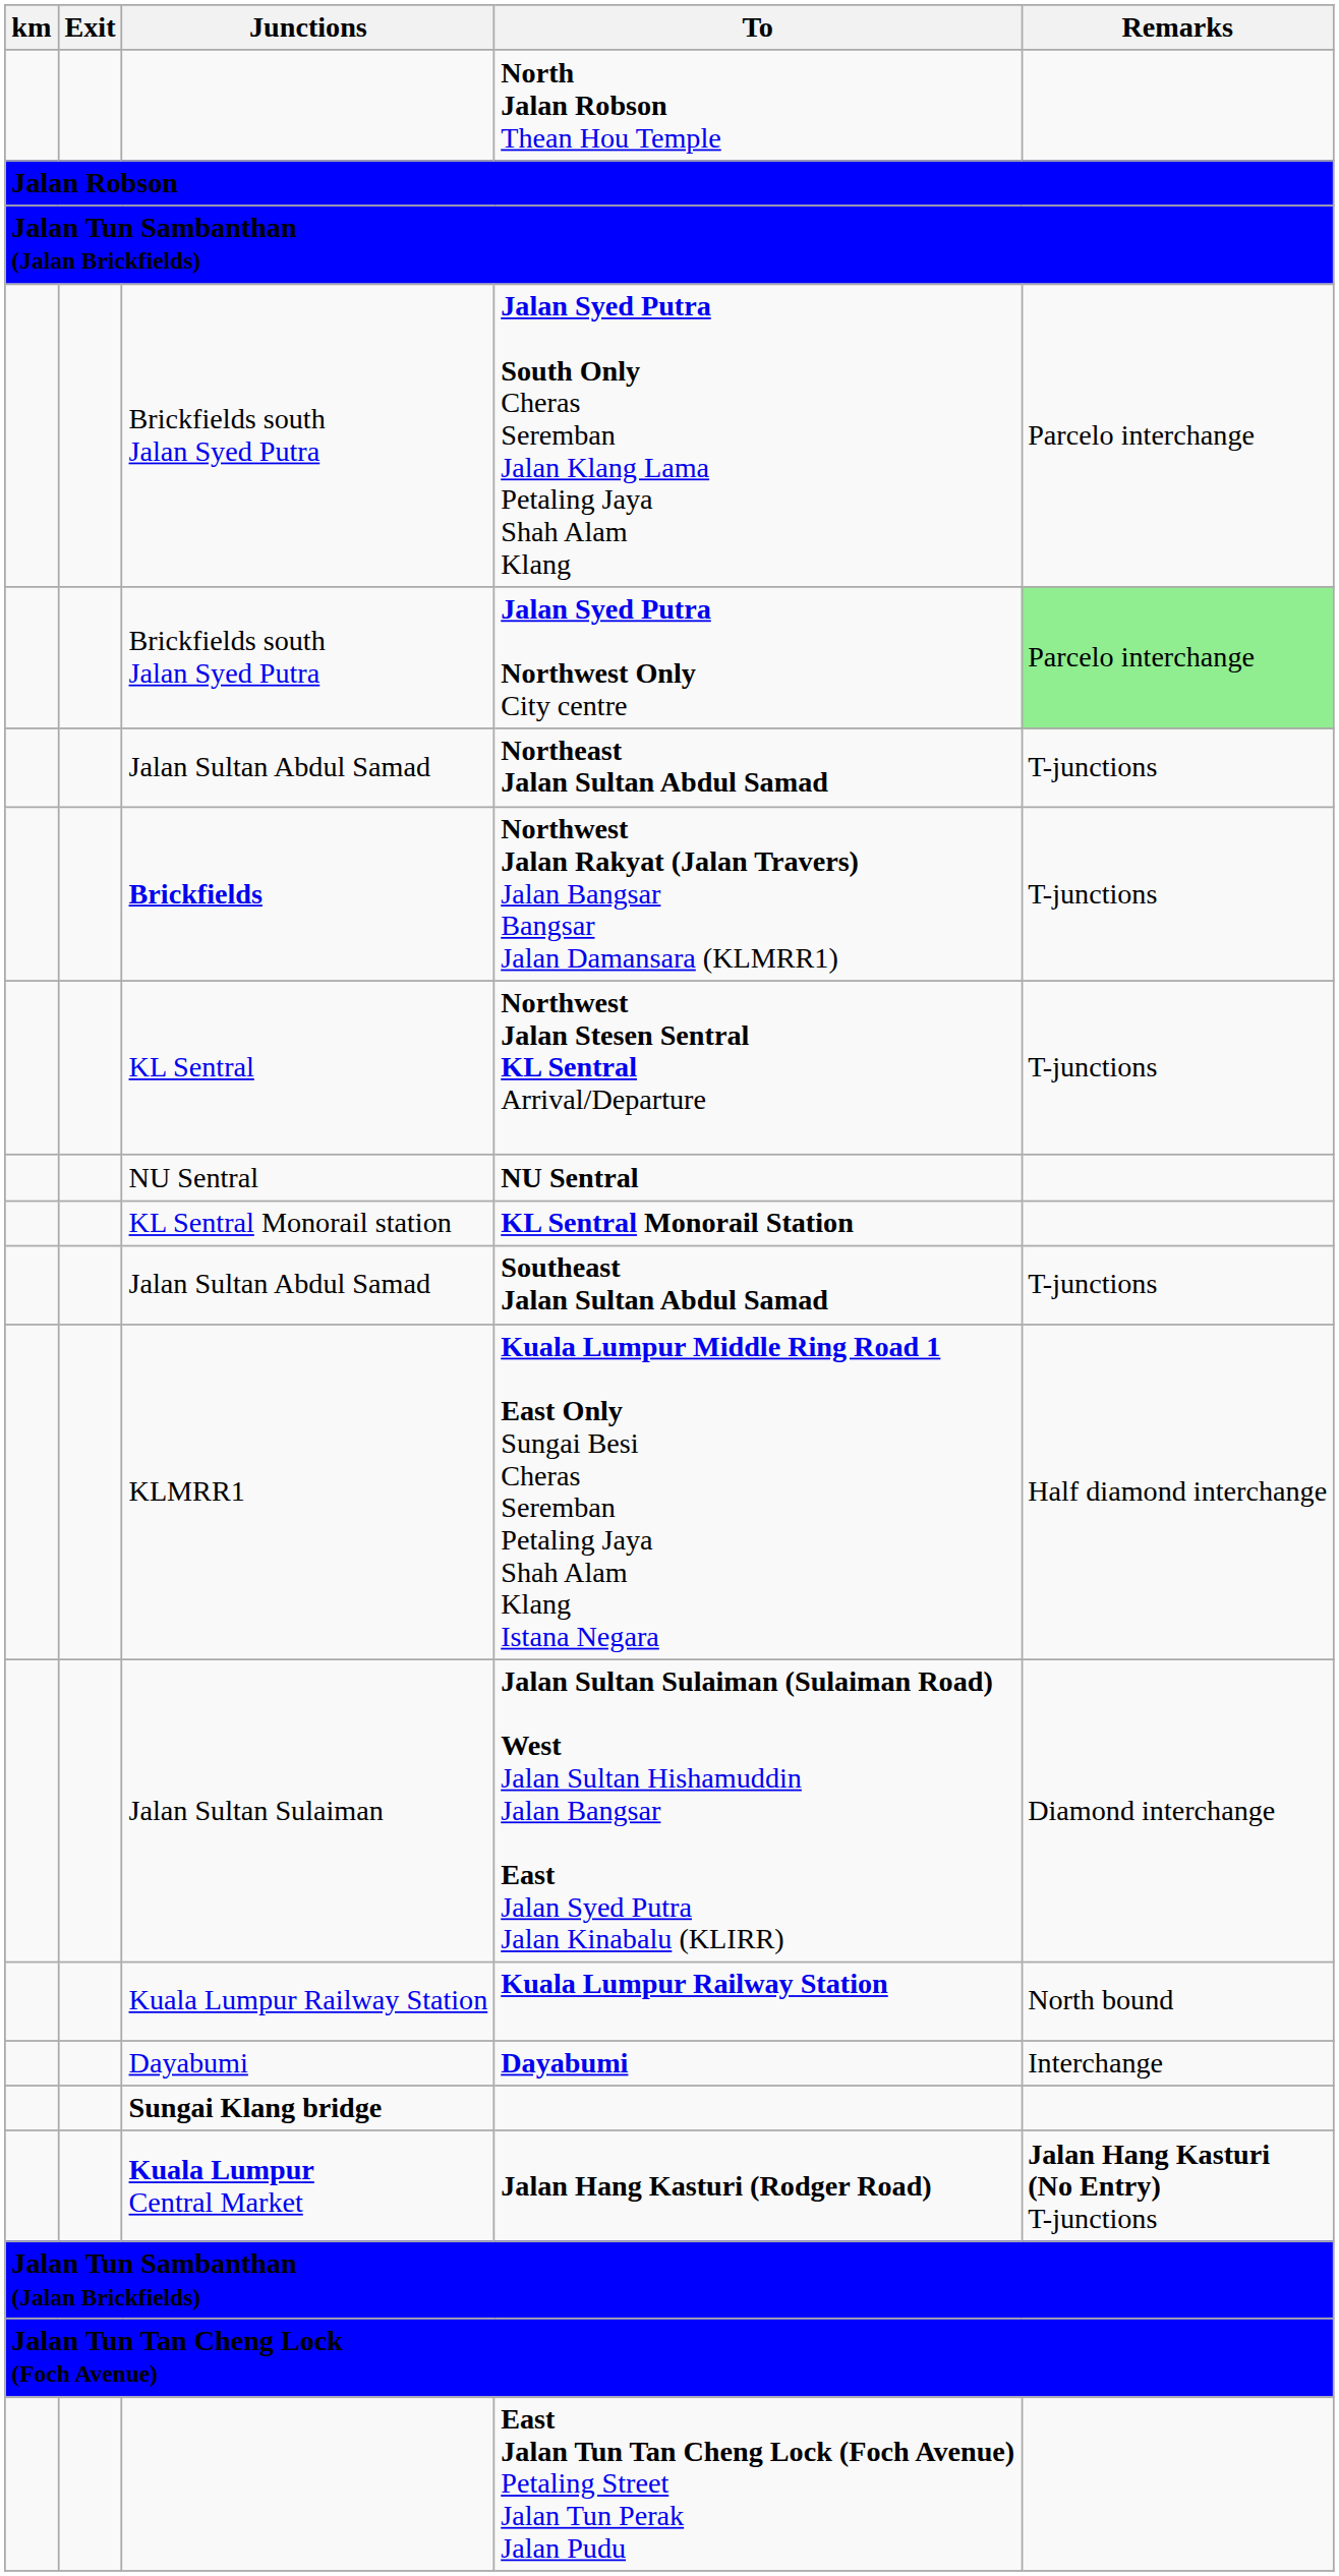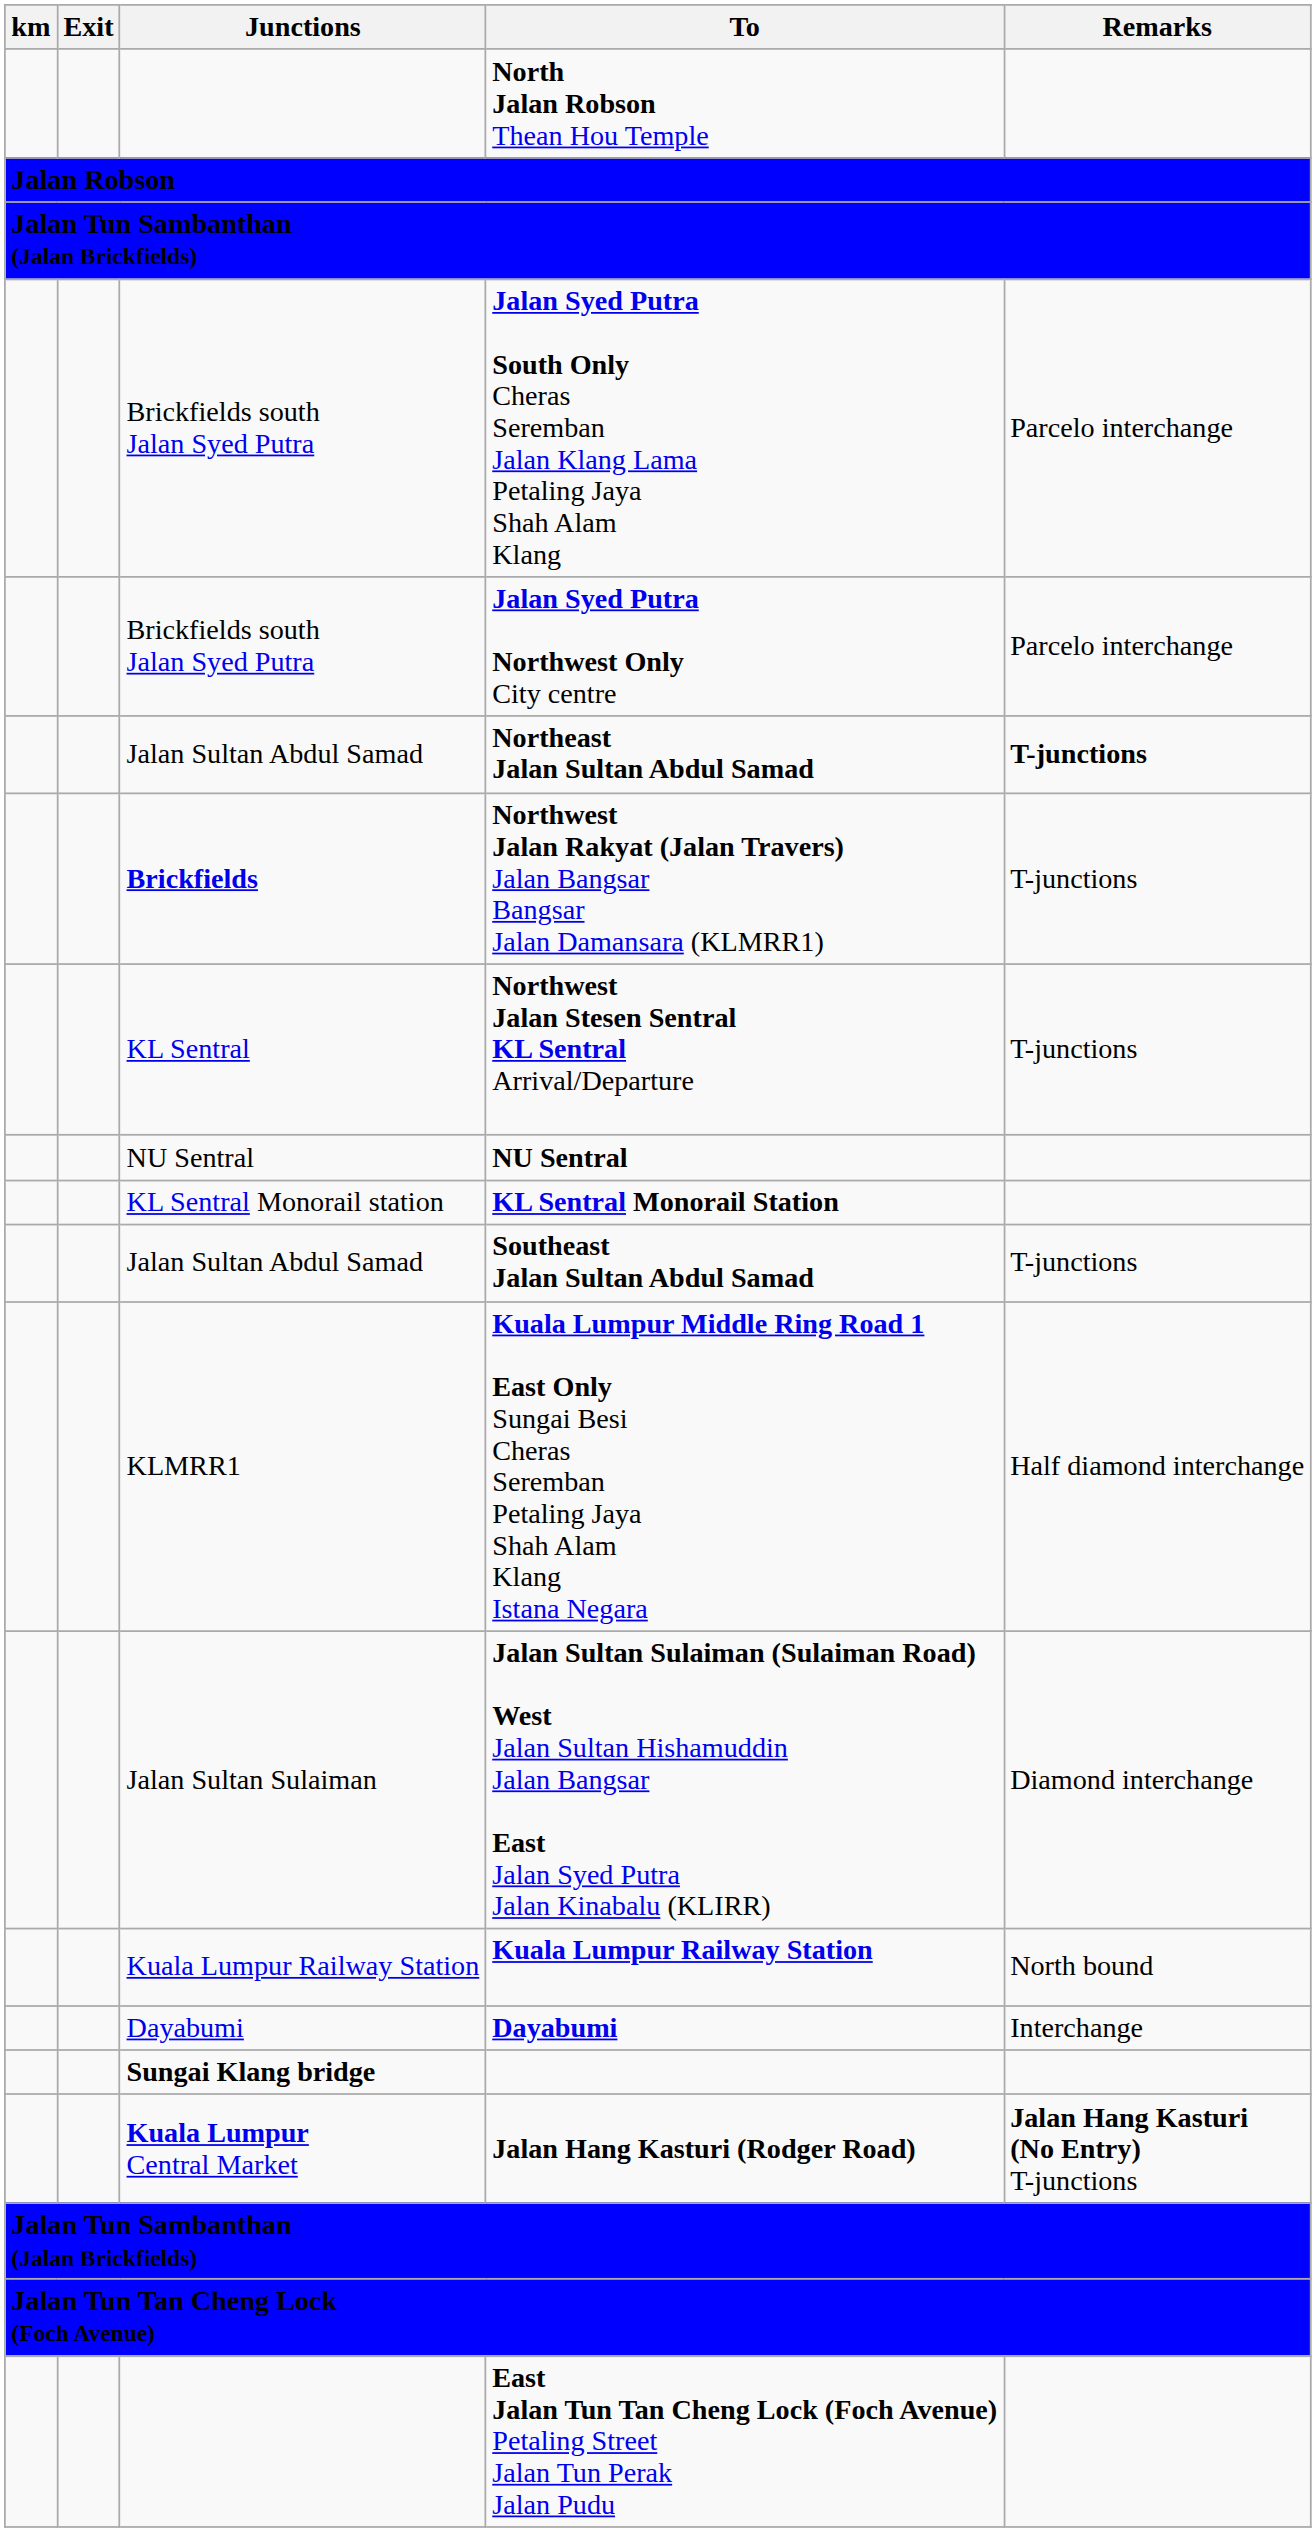 <table class="wikitable">
 <tr>
 <th>km</th>
 <th>Exit</th>
 <th>Junctions</th>
 <th>To</th>
 <th>Remarks</th>
 </tr>
 <tr>
 <td></td>
 <td></td>
 <td></td>
 <td><strong>North</strong><br><strong>Jalan Robson</strong><br><a href='#'>Thean Hou Temple</a></td>
 <td></td>
 </tr>
 <tr>
 <td style="width:600px" colspan="6" style="text-align:center" bgcolor="blue"><strong><span>Jalan Robson</span></strong></td>
 </tr>
 <tr>
 <td style="width:600px" colspan="6" style="text-align:center" bgcolor="blue"><strong><span>Jalan Tun Sambanthan<br><small>(Jalan Brickfields)</small></span></strong></td>
 </tr>
 <tr>
 <td></td>
 <td></td>
 <td>Brickfields south<br><a href='#'>Jalan Syed Putra</a></td>
 <td> <strong><a href='#'>Jalan Syed Putra</a></strong><br><br><strong>South Only</strong><br>Cheras<br>Seremban<br><a href='#'>Jalan Klang Lama</a><br>Petaling Jaya<br>Shah Alam<br>Klang</td>
 <td>Parcelo interchange</td>
 </tr>
 <tr>
 <td></td>
 <td></td>
 <td>Brickfields south<br><a href='#'>Jalan Syed Putra</a></td>
 <td> <strong><a href='#'>Jalan Syed Putra</a></strong><br><br><strong>Northwest Only</strong><br>City centre</td>
-<td style="background: lightgreen;">Parcelo interchange</td>
+<td>Parcelo interchange</td>
 </tr>
 <tr>
 <td></td>
 <td></td>
 <td>Jalan Sultan Abdul Samad</td>
 <td><strong>Northeast</strong><br><strong>Jalan Sultan Abdul Samad</strong></td>
-<td>T-junctions</td>
+<td><strong>T-junctions</strong></td>
 </tr>
 <tr>
 <td></td>
 <td></td>
 <td><strong><a href='#'>Brickfields</a></strong></td>
 <td><strong>Northwest</strong><br><strong>Jalan Rakyat (Jalan Travers)</strong><br><a href='#'>Jalan Bangsar</a><br><a href='#'>Bangsar</a><br><a href='#'>Jalan Damansara</a> (KLMRR1)</td>
 <td>T-junctions</td>
 </tr>
 <tr>
 <td></td>
 <td></td>
 <td><a href='#'>KL Sentral</a></td>
 <td><strong>Northwest</strong><br><strong>Jalan Stesen Sentral</strong><br> <strong><a href='#'>KL Sentral</a></strong><br>Arrival/Departure<br> <br>      </td>
 <td>T-junctions</td>
 </tr>
 <tr>
 <td></td>
 <td></td>
 <td>NU Sentral</td>
 <td><strong>NU Sentral</strong> <br></td>
 <td></td>
 </tr>
 <tr>
 <td></td>
 <td></td>
 <td><a href='#'>KL Sentral</a> Monorail station</td>
 <td><strong><a href='#'>KL Sentral</a> Monorail Station</strong><br></td>
 <td></td>
 </tr>
 <tr>
 <td></td>
 <td></td>
 <td>Jalan Sultan Abdul Samad</td>
 <td><strong>Southeast</strong><br><strong>Jalan Sultan Abdul Samad</strong></td>
 <td>T-junctions</td>
 </tr>
 <tr>
 <td></td>
 <td></td>
 <td>KLMRR1</td>
 <td><strong><a href='#'>Kuala Lumpur Middle Ring Road 1</a></strong><br><br><strong>East Only</strong><br>Sungai Besi<br>Cheras<br>Seremban<br>Petaling Jaya<br>Shah Alam<br>Klang<br><a href='#'>Istana Negara</a></td>
 <td>Half diamond interchange</td>
 </tr>
 <tr>
 <td></td>
 <td></td>
 <td>Jalan Sultan Sulaiman</td>
 <td><strong>Jalan Sultan Sulaiman (Sulaiman Road)</strong><br><br><strong>West</strong><br><a href='#'>Jalan Sultan Hishamuddin</a><br><a href='#'>Jalan Bangsar</a><br><br><strong>East</strong><br> <a href='#'>Jalan Syed Putra</a><br> <a href='#'>Jalan Kinabalu</a> (KLIRR)</td>
 <td>Diamond interchange</td>
 </tr>
 <tr>
 <td></td>
 <td></td>
 <td> <a href='#'>Kuala Lumpur Railway Station</a></td>
 <td> <strong><a href='#'>Kuala Lumpur Railway Station</a></strong><br><br>    </td>
 <td>North bound</td>
 </tr>
 <tr>
 <td></td>
 <td></td>
 <td><a href='#'>Dayabumi</a></td>
 <td><strong><a href='#'>Dayabumi</a></strong><br></td>
 <td>Interchange</td>
 </tr>
 <tr>
 <td></td>
 <td></td>
 <td><strong>Sungai Klang bridge</strong></td>
 <td></td>
 <td></td>
 </tr>
 <tr>
 <td></td>
 <td></td>
 <td><strong><a href='#'>Kuala Lumpur</a></strong><br><a href='#'>Central Market</a></td>
 <td><strong>Jalan Hang Kasturi (Rodger Road)</strong></td>
 <td><strong>Jalan Hang Kasturi</strong><br><strong>(No Entry)</strong><br>T-junctions</td>
 </tr>
 <tr>
 <td style="width:600px" colspan="6" style="text-align:center" bgcolor="blue"><strong><span>Jalan Tun Sambanthan<br><small>(Jalan Brickfields)</small></span></strong></td>
 </tr>
 <tr>
 <td style="width:600px" colspan="6" style="text-align:center" bgcolor="blue"><strong><span>Jalan Tun Tan Cheng Lock<br><small>(Foch Avenue)</small></span></strong></td>
 </tr>
 <tr>
 <td></td>
 <td></td>
 <td></td>
 <td><strong>East</strong><br><strong>Jalan Tun Tan Cheng Lock (Foch Avenue)</strong><br><a href='#'>Petaling Street</a><br><a href='#'>Jalan Tun Perak</a><br><a href='#'>Jalan Pudu</a></td>
 <td></td>
 </tr>
 </table>
